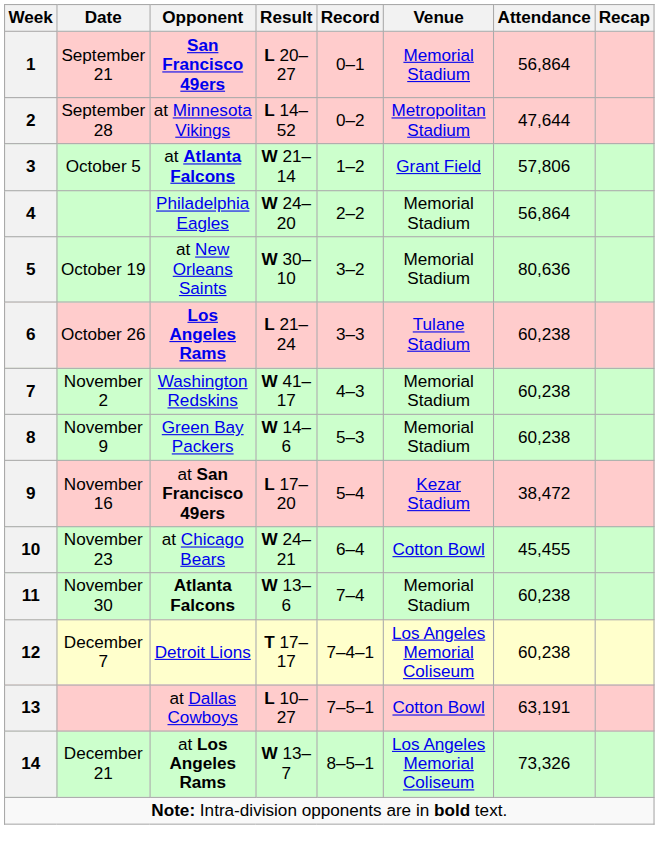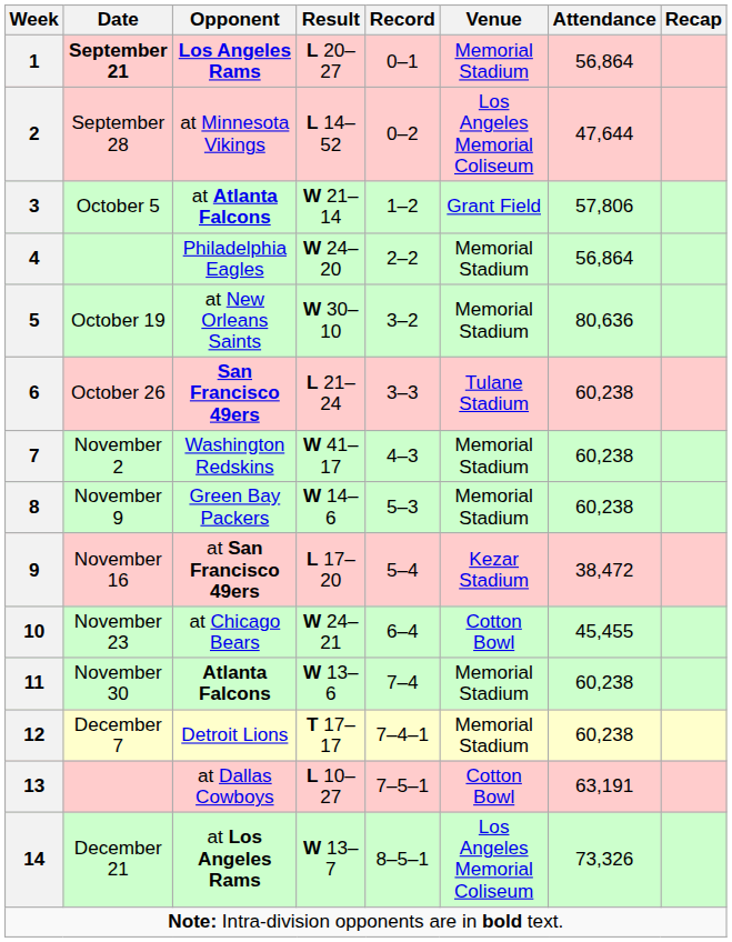 <table class="wikitable" style="text-align:center">
 <tr>
 <th>Week</th>
 <th>Date</th>
 <th>Opponent</th>
 <th>Result</th>
 <th>Record</th>
 <th>Venue</th>
 <th>Attendance</th>
 <th>Recap</th>
 </tr>
 <tr style="background:#fcc">
 <th>1</th>
-<td>September 21</td>
-<td><strong><a href='#'>San Francisco 49ers</a></strong></td>
+<td><strong>September 21</strong></td>
+<td><strong><a href='#'>Los Angeles Rams</a></strong></td>
 <td><strong>L</strong> 20–27</td>
 <td>0–1</td>
 <td><a href='#'>Memorial Stadium</a></td>
 <td>56,864</td>
 <td></td>
 </tr>
 <tr style="background:#fcc">
 <th>2</th>
 <td>September 28</td>
 <td>at <a href='#'>Minnesota Vikings</a></td>
 <td><strong>L</strong> 14–52</td>
 <td>0–2</td>
-<td><a href='#'>Metropolitan Stadium</a></td>
+<td><a href='#'>Los Angeles Memorial Coliseum</a></td>
 <td>47,644</td>
 <td></td>
 </tr>
 <tr style="background:#cfc">
 <th>3</th>
 <td>October 5</td>
 <td>at <strong><a href='#'>Atlanta Falcons</a></strong></td>
 <td><strong>W</strong> 21–14</td>
 <td>1–2</td>
 <td><a href='#'>Grant Field</a></td>
 <td>57,806</td>
 <td></td>
 </tr>
 <tr style="background:#cfc">
 <th>4</th>
 <td></td>
 <td><a href='#'>Philadelphia Eagles</a></td>
 <td><strong>W</strong> 24–20</td>
 <td>2–2</td>
 <td>Memorial Stadium</td>
 <td>56,864</td>
 <td></td>
 </tr>
 <tr style="background:#cfc">
 <th>5</th>
 <td>October 19</td>
 <td>at <a href='#'>New Orleans Saints</a></td>
 <td><strong>W</strong> 30–10</td>
 <td>3–2</td>
 <td>Memorial Stadium</td>
 <td>80,636</td>
 <td></td>
 </tr>
 <tr style="background:#fcc">
 <th>6</th>
 <td>October 26</td>
-<td><strong><a href='#'>Los Angeles Rams</a></strong></td>
+<td><strong><a href='#'>San Francisco 49ers</a></strong></td>
 <td><strong>L</strong> 21–24</td>
 <td>3–3</td>
 <td><a href='#'>Tulane Stadium</a></td>
 <td>60,238</td>
 <td></td>
 </tr>
 <tr style="background:#cfc">
 <th>7</th>
 <td>November 2</td>
 <td><a href='#'>Washington Redskins</a></td>
 <td><strong>W</strong> 41–17</td>
 <td>4–3</td>
 <td>Memorial Stadium</td>
 <td>60,238</td>
 <td></td>
 </tr>
 <tr style="background:#cfc">
 <th>8</th>
 <td>November 9</td>
 <td><a href='#'>Green Bay Packers</a></td>
 <td><strong>W</strong> 14–6</td>
 <td>5–3</td>
 <td>Memorial Stadium</td>
 <td>60,238</td>
 <td></td>
 </tr>
 <tr style="background:#fcc">
 <th>9</th>
 <td>November 16</td>
 <td>at <strong>San Francisco 49ers</strong></td>
 <td><strong>L</strong> 17–20</td>
 <td>5–4</td>
 <td><a href='#'>Kezar Stadium</a></td>
 <td>38,472</td>
 <td></td>
 </tr>
 <tr style="background:#cfc">
 <th>10</th>
 <td>November 23</td>
 <td>at <a href='#'>Chicago Bears</a></td>
 <td><strong>W</strong> 24–21</td>
 <td>6–4</td>
 <td><a href='#'>Cotton Bowl</a></td>
 <td>45,455</td>
 <td></td>
 </tr>
 <tr style="background:#cfc">
 <th>11</th>
 <td>November 30</td>
 <td><strong>Atlanta Falcons</strong></td>
 <td><strong>W</strong> 13–6</td>
 <td>7–4</td>
 <td>Memorial Stadium</td>
 <td>60,238</td>
 <td></td>
 </tr>
 <tr style="background:#ffc">
 <th>12</th>
 <td>December 7</td>
 <td><a href='#'>Detroit Lions</a></td>
 <td><strong>T</strong> 17–17</td>
 <td>7–4–1</td>
-<td><a href='#'>Los Angeles Memorial Coliseum</a></td>
+<td>Memorial Stadium</td>
 <td>60,238</td>
 <td></td>
 </tr>
 <tr style="background:#fcc">
 <th>13</th>
 <td></td>
 <td>at <a href='#'>Dallas Cowboys</a></td>
 <td><strong>L</strong> 10–27</td>
 <td>7–5–1</td>
 <td><a href='#'>Cotton Bowl</a></td>
 <td>63,191</td>
 <td></td>
 </tr>
 <tr style="background:#cfc">
 <th>14</th>
 <td>December 21</td>
 <td>at <strong>Los Angeles Rams</strong></td>
 <td><strong>W</strong> 13–7</td>
 <td>8–5–1</td>
 <td><a href='#'>Los Angeles Memorial Coliseum</a></td>
 <td>73,326</td>
 <td></td>
 </tr>
 <tr>
 <td colspan="8"><strong>Note:</strong> Intra-division opponents are in <strong>bold</strong> text.</td>
 </tr>
 </table>
